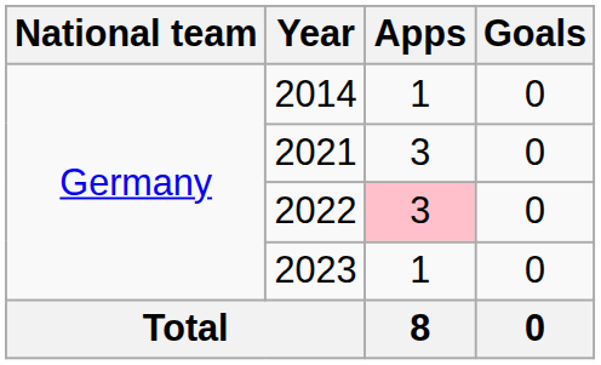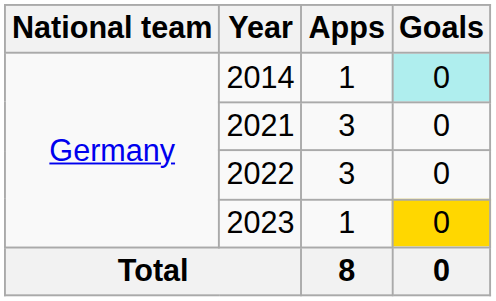 <table class="wikitable" style="text-align:center">
 <tr>
 <th>National team</th>
 <th>Year</th>
 <th>Apps</th>
 <th>Goals</th>
 </tr>
 <tr>
 <td rowspan="4"><a href='#'>Germany</a></td>
 <td>2014</td>
 <td>1</td>
-<td>0</td>
+<td style="background: paleturquoise;">0</td>
 </tr>
 <tr>
 <td>2021</td>
 <td>3</td>
 <td>0</td>
 </tr>
 <tr>
 <td>2022</td>
-<td style="background: pink;">3</td>
+<td>3</td>
 <td>0</td>
 </tr>
 <tr>
 <td>2023</td>
 <td>1</td>
-<td>0</td>
+<td style="background: gold;">0</td>
 </tr>
 <tr>
 <th colspan="2">Total</th>
 <th>8</th>
 <th>0</th>
 </tr>
 </table>
